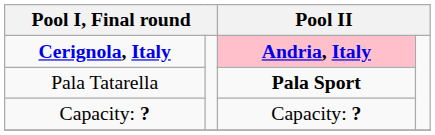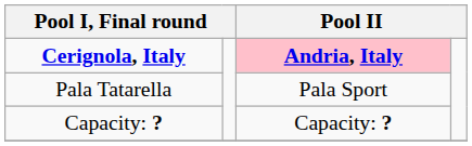 <table class="wikitable" style="text-align: center;">
 <tr>
 <th colspan="2" style="width: 50%;">Pool I, Final round</th>
 <th colspan="2" style="width: 50%;">Pool II</th>
 </tr>
 <tr>
 <td><strong> <a href='#'>Cerignola</a>, <a href='#'>Italy</a></strong></td>
 <td rowspan="3"></td>
 <td style="background: pink;"><strong> <a href='#'>Andria</a>, <a href='#'>Italy</a></strong></td>
 <td rowspan="3"></td>
 </tr>
 <tr>
 <td>Pala Tatarella</td>
-<td><strong>Pala Sport</strong></td>
+<td>Pala Sport</td>
 </tr>
 <tr>
 <td>Capacity: <strong>?</strong></td>
 <td>Capacity: <strong>?</strong></td>
 </tr>
 <tr>
 </tr>
 </table>
